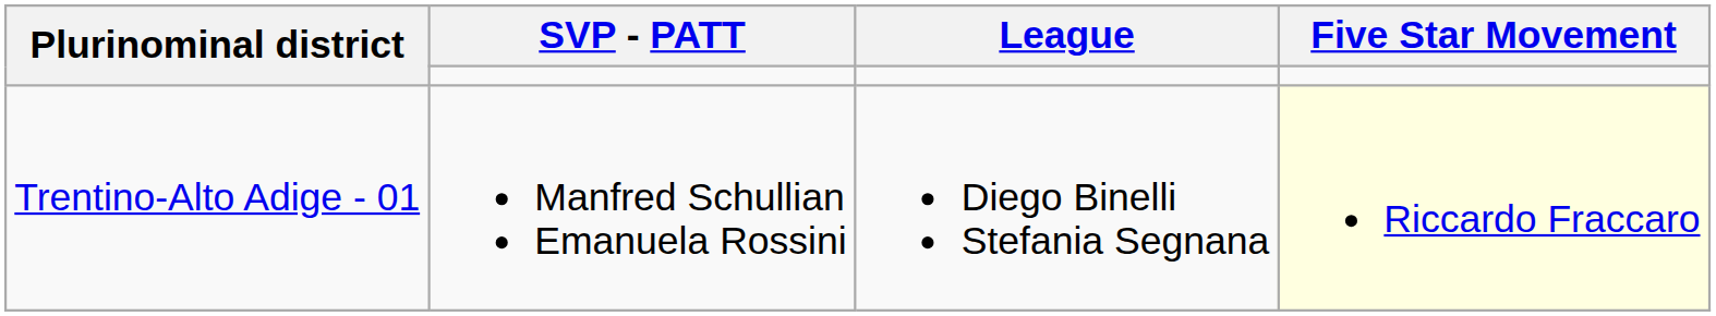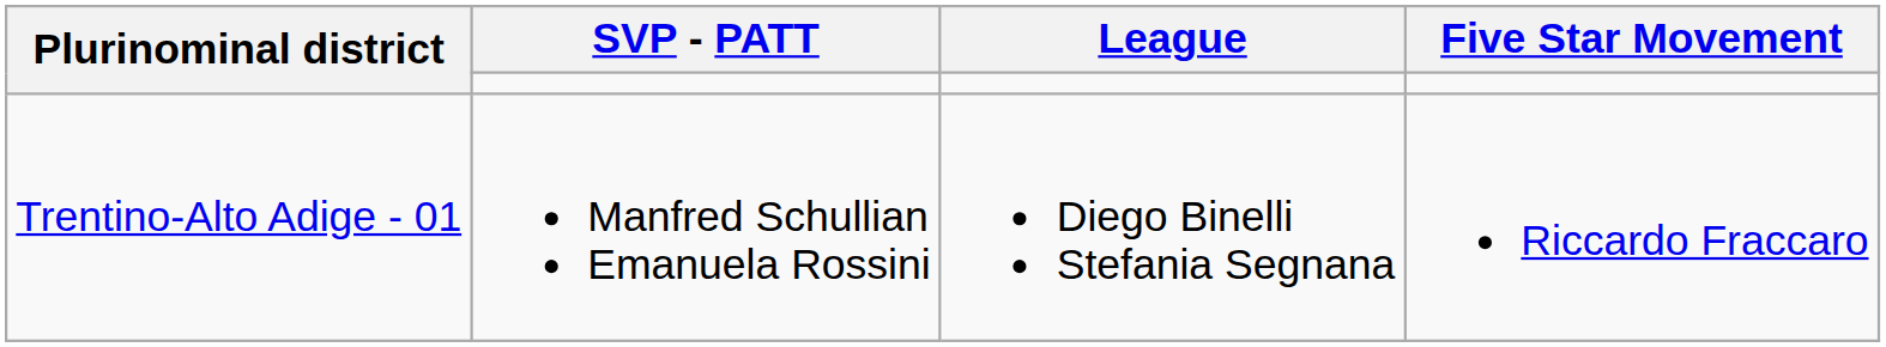 <table class="wikitable">
 <tr>
 <th rowspan="2">Plurinominal district</th>
 <th><a href='#'>SVP</a> - <a href='#'>PATT</a></th>
 <th><a href='#'>League</a></th>
 <th><a href='#'>Five Star Movement</a></th>
 </tr>
 <tr>
 <td bgcolor=></td>
 <td bgcolor=></td>
 <td bgcolor=></td>
 </tr>
 <tr>
 <td><a href='#'>Trentino-Alto Adige - 01</a></td>
 <td><br><ul><li>Manfred Schullian</li><li>Emanuela Rossini</li></ul></td>
 <td><br><ul><li>Diego Binelli</li><li>Stefania Segnana</li></ul></td>
-<td style="background: lightyellow;"><br><ul><li><a href='#'>Riccardo Fraccaro</a></li></ul></td>
+<td><br><ul><li><a href='#'>Riccardo Fraccaro</a></li></ul></td>
 </tr>
 </table>
